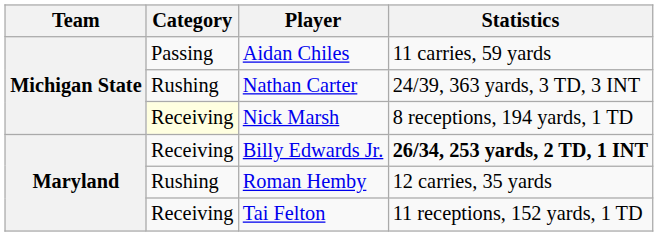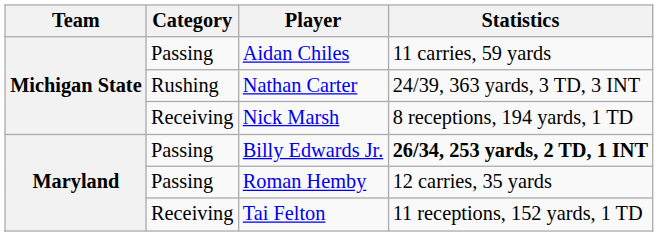 <table class="wikitable" style="float:right">
 <tr>
 <th>Team</th>
 <th>Category</th>
 <th>Player</th>
 <th>Statistics</th>
 </tr>
 <tr>
 <th rowspan=3>Michigan State</th>
 <td>Passing</td>
 <td><a href='#'>Aidan Chiles</a></td>
 <td>11 carries, 59 yards</td>
 </tr>
 <tr>
 <td>Rushing</td>
 <td><a href='#'>Nathan Carter</a></td>
 <td>24/39, 363 yards, 3 TD, 3 INT</td>
 </tr>
 <tr>
-<td style="background: lightyellow;">Receiving</td>
+<td>Receiving</td>
 <td><a href='#'>Nick Marsh</a></td>
 <td>8 receptions, 194 yards, 1 TD</td>
 </tr>
 <tr>
 <th rowspan=3>Maryland</th>
-<td>Receiving</td>
+<td>Passing</td>
 <td><a href='#'>Billy Edwards Jr.</a></td>
 <td><strong>26/34, 253 yards, 2 TD, 1 INT</strong></td>
 </tr>
 <tr>
-<td>Rushing</td>
+<td>Passing</td>
 <td><a href='#'>Roman Hemby</a></td>
 <td>12 carries, 35 yards</td>
 </tr>
 <tr>
 <td>Receiving</td>
 <td><a href='#'>Tai Felton</a></td>
 <td>11 receptions, 152 yards, 1 TD</td>
 </tr>
 </table>
